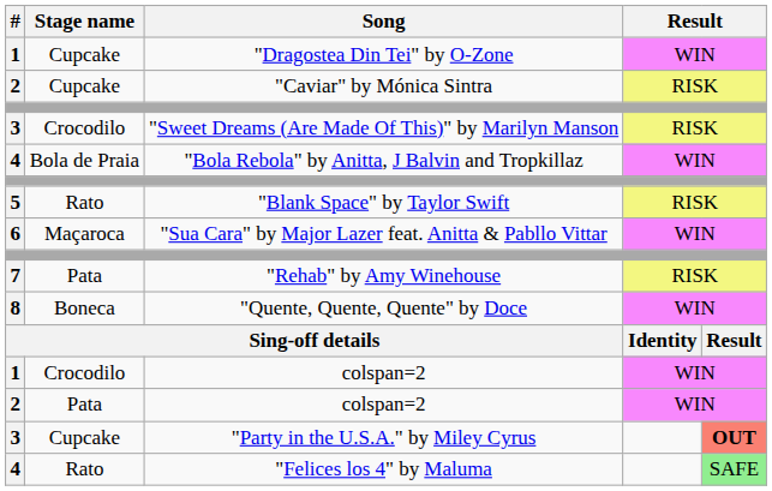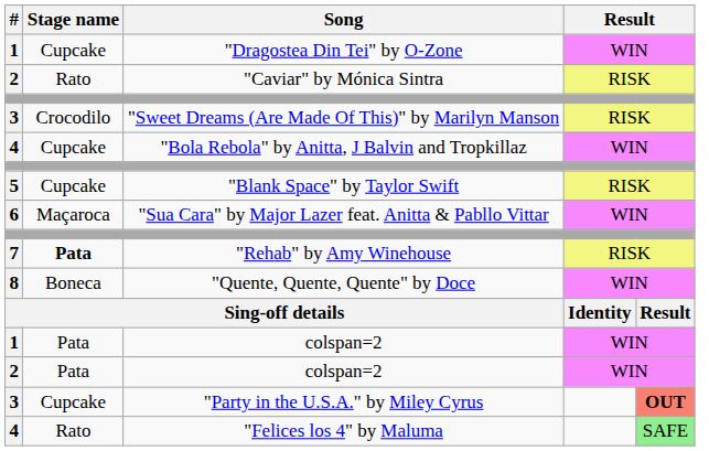 <table class="wikitable plainrowheaders" style="text-align: center;">
 <tr>
 <th>#</th>
 <th>Stage name</th>
 <th>Song</th>
 <th colspan=2>Result</th>
 </tr>
 <tr>
 <th>1</th>
 <td>Cupcake</td>
 <td>"<a href='#'>Dragostea Din Tei</a>" by <a href='#'>O-Zone</a></td>
 <td colspan=2 bgcolor="#F888FD">WIN</td>
 </tr>
 <tr>
 <th>2</th>
-<td>Cupcake</td>
+<td>Rato</td>
 <td>"Caviar" by Mónica Sintra</td>
 <td colspan=2 bgcolor="#F3F781">RISK</td>
 </tr>
 <tr>
 <td colspan="5" style="background:darkgray"></td>
 </tr>
 <tr>
 <th>3</th>
 <td>Crocodilo</td>
 <td>"<a href='#'>Sweet Dreams (Are Made Of This)</a>" by <a href='#'>Marilyn Manson</a></td>
 <td colspan=2 bgcolor="#F3F781">RISK</td>
 </tr>
 <tr>
 <th>4</th>
-<td>Bola de Praia</td>
+<td>Cupcake</td>
 <td>"<a href='#'>Bola Rebola</a>" by <a href='#'>Anitta</a>, <a href='#'>J Balvin</a> and Tropkillaz</td>
 <td colspan=2 bgcolor="#F888FD">WIN</td>
 </tr>
 <tr>
 <td colspan="5" style="background:darkgray"></td>
 </tr>
 <tr>
 <th>5</th>
-<td>Rato</td>
+<td>Cupcake</td>
 <td>"<a href='#'>Blank Space</a>" by <a href='#'>Taylor Swift</a></td>
 <td colspan=2 bgcolor="#F3F781">RISK</td>
 </tr>
 <tr>
 <th>6</th>
 <td>Maçaroca</td>
 <td>"<a href='#'>Sua Cara</a>" by <a href='#'>Major Lazer</a> feat. <a href='#'>Anitta</a> & <a href='#'>Pabllo Vittar</a></td>
 <td colspan=2 bgcolor="#F888FD">WIN</td>
 </tr>
 <tr>
 <td colspan="5" style="background:darkgray"></td>
 </tr>
 <tr>
 <th>7</th>
-<td>Pata</td>
+<td><strong>Pata</strong></td>
 <td>"<a href='#'>Rehab</a>" by <a href='#'>Amy Winehouse</a></td>
 <td colspan=2 bgcolor="#F3F781">RISK</td>
 </tr>
 <tr>
 <th>8</th>
 <td>Boneca</td>
 <td>"Quente, Quente, Quente" by <a href='#'>Doce</a></td>
 <td colspan=2 bgcolor="#F888FD">WIN</td>
 </tr>
 <tr>
 <th colspan="3">Sing-off details</th>
 <th>Identity</th>
 <th>Result</th>
 </tr>
 <tr>
 <th>1</th>
-<td>Crocodilo</td>
+<td>Pata</td>
 <td>colspan=2 </td>
 <td colspan=2 bgcolor="#F888FD">WIN</td>
 </tr>
 <tr>
 <th>2</th>
 <td>Pata</td>
 <td>colspan=2 </td>
 <td colspan=2 bgcolor="#F888FD">WIN</td>
 </tr>
 <tr>
 <th>3</th>
 <td>Cupcake</td>
 <td>"<a href='#'>Party in the U.S.A.</a>" by <a href='#'>Miley Cyrus</a></td>
 <td></td>
 <td bgcolor="salmon"><strong>OUT</strong></td>
 </tr>
 <tr>
 <th>4</th>
 <td>Rato</td>
 <td>"<a href='#'>Felices los 4</a>" by <a href='#'>Maluma</a></td>
 <td></td>
 <td bgcolor=lightgreen>SAFE</td>
 </tr>
 </table>
